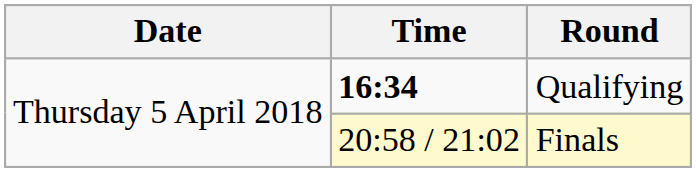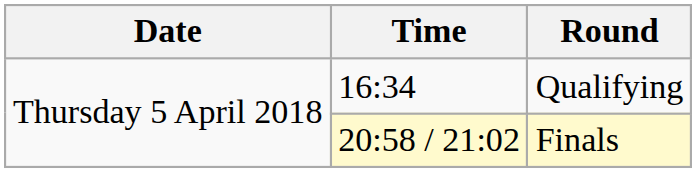 <table class="wikitable">
 <tr>
 <th>Date</th>
 <th>Time</th>
 <th>Round</th>
 </tr>
 <tr>
 <td rowspan=2>Thursday 5 April 2018</td>
-<td><strong>16:34</strong></td>
+<td>16:34</td>
 <td>Qualifying</td>
 </tr>
 <tr>
 <td style=background:lemonchiffon>20:58 / 21:02</td>
 <td style=background:lemonchiffon>Finals</td>
 </tr>
 </table>
